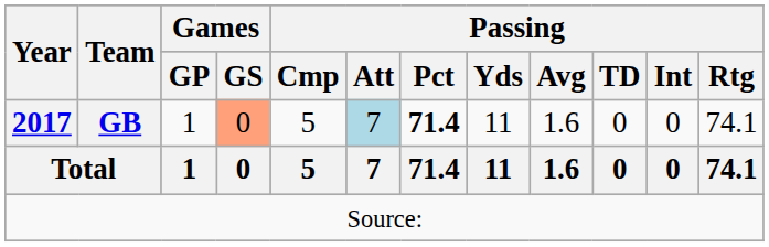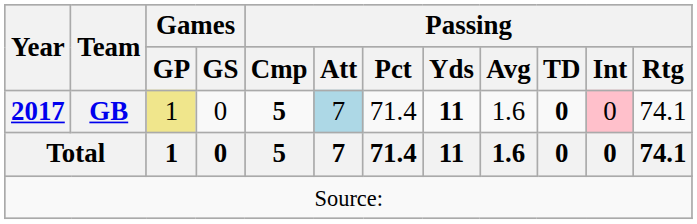 <table class="wikitable" style="text-align:center;">
 <tr>
 <th rowspan="2">Year</th>
 <th rowspan="2">Team</th>
 <th colspan="2">Games</th>
 <th colspan="8">Passing</th>
 </tr>
 <tr>
 <th>GP</th>
 <th>GS</th>
 <th>Cmp</th>
 <th>Att</th>
 <th>Pct</th>
 <th>Yds</th>
 <th>Avg</th>
 <th>TD</th>
 <th>Int</th>
 <th>Rtg</th>
 </tr>
 <tr>
 <th><a href='#'>2017</a></th>
 <th><a href='#'>GB</a></th>
-<td>1</td>
-<td style="background: lightsalmon;">0</td>
-<td>5</td>
+<td style="background: khaki;">1</td>
+<td>0</td>
+<td><strong>5</strong></td>
 <td style="background: lightblue;">7</td>
-<td><strong>71.4</strong></td>
-<td>11</td>
+<td>71.4</td>
+<td><strong>11</strong></td>
 <td>1.6</td>
-<td>0</td>
-<td>0</td>
+<td><strong>0</strong></td>
+<td style="background: pink;">0</td>
 <td>74.1</td>
 </tr>
 <tr>
 <th colspan="2">Total</th>
 <th>1</th>
 <th>0</th>
 <th>5</th>
 <th>7</th>
 <th>71.4</th>
 <th>11</th>
 <th>1.6</th>
 <th>0</th>
 <th>0</th>
 <th>74.1</th>
 </tr>
 <tr>
 <td colspan="12"><small>Source: </small></td>
 </tr>
 </table>
